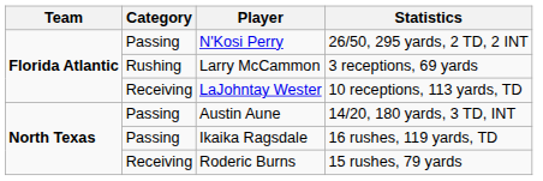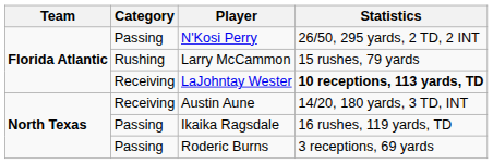 <table class="wikitable" style="float: left;">
 <tr>
 <th>Team</th>
 <th>Category</th>
 <th>Player</th>
 <th>Statistics</th>
 </tr>
 <tr>
 <td rowspan=3><strong>Florida Atlantic</strong></td>
 <td>Passing</td>
 <td><a href='#'>N'Kosi Perry</a></td>
 <td>26/50, 295 yards, 2 TD, 2 INT</td>
 </tr>
 <tr>
 <td>Rushing</td>
 <td>Larry McCammon</td>
-<td>3 receptions, 69 yards</td>
+<td>15 rushes, 79 yards</td>
 </tr>
 <tr>
 <td>Receiving</td>
 <td><a href='#'>LaJohntay Wester</a></td>
-<td>10 receptions, 113 yards, TD</td>
+<td><strong>10 receptions, 113 yards, TD</strong></td>
 </tr>
 <tr>
 <td rowspan=3><strong>North Texas</strong></td>
-<td>Passing</td>
+<td>Receiving</td>
 <td>Austin Aune</td>
 <td>14/20, 180 yards, 3 TD, INT</td>
 </tr>
 <tr>
 <td>Passing</td>
 <td>Ikaika Ragsdale</td>
 <td>16 rushes, 119 yards, TD</td>
 </tr>
 <tr>
-<td>Receiving</td>
+<td>Passing</td>
 <td>Roderic Burns</td>
-<td>15 rushes, 79 yards</td>
+<td>3 receptions, 69 yards</td>
 </tr>
 </table>
